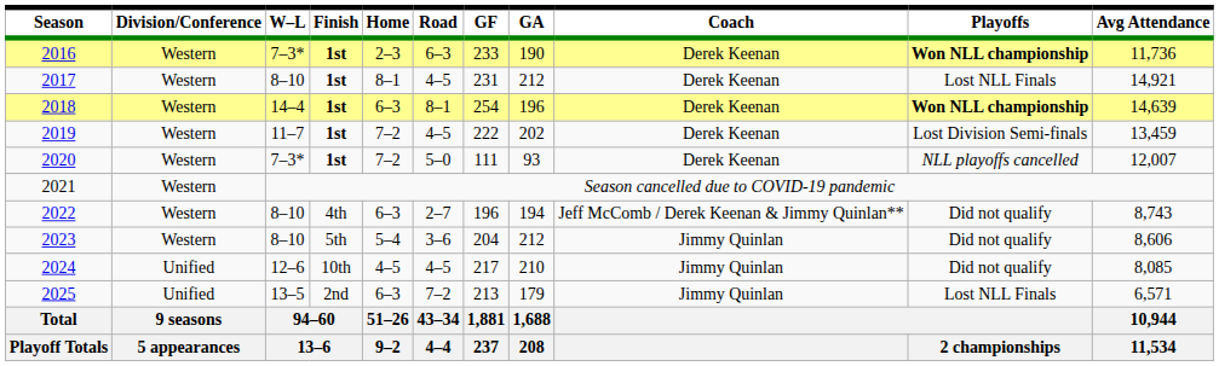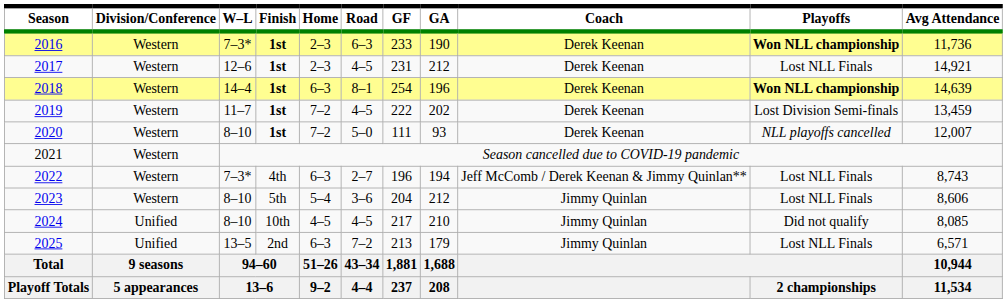 <table class="wikitable" style="text-align:center">
 <tr>
 <th style="background:#FFFFFF;border-top:black 5px solid;border-bottom:green 5px solid;">Season</th>
 <th style="background:#FFFFFF;border-top:black 5px solid;border-bottom:green 5px solid;">Division/Conference</th>
 <th style="background:#FFFFFF;border-top:black 5px solid;border-bottom:green 5px solid;">W–L</th>
 <th style="background:#FFFFFF;border-top:black 5px solid;border-bottom:green 5px solid;">Finish</th>
 <th style="background:#FFFFFF;border-top:black 5px solid;border-bottom:green 5px solid;">Home</th>
 <th style="background:#FFFFFF;border-top:black 5px solid;border-bottom:green 5px solid;">Road</th>
 <th style="background:#FFFFFF;border-top:black 5px solid;border-bottom:green 5px solid;">GF</th>
 <th style="background:#FFFFFF;border-top:black 5px solid;border-bottom:green 5px solid;">GA</th>
 <th style="background:#FFFFFF;border-top:black 5px solid;border-bottom:green 5px solid;">Coach</th>
 <th style="background:#FFFFFF;border-top:black 5px solid;border-bottom:green 5px solid;">Playoffs</th>
 <th style="background:#FFFFFF;border-top:black 5px solid;border-bottom:green 5px solid;">Avg Attendance</th>
 </tr>
 <tr style="background:#FFFE91">
 <td><a href='#'>2016</a></td>
 <td>Western</td>
 <td>7–3*</td>
 <td><strong>1st</strong></td>
 <td>2–3</td>
 <td>6–3</td>
 <td>233</td>
 <td>190</td>
 <td>Derek Keenan</td>
 <td><strong>Won NLL championship</strong></td>
 <td>11,736</td>
 </tr>
 <tr>
 <td><a href='#'>2017</a></td>
 <td>Western</td>
-<td>8–10</td>
+<td>12–6</td>
 <td><strong>1st</strong></td>
-<td>8–1</td>
+<td>2–3</td>
 <td>4–5</td>
 <td>231</td>
 <td>212</td>
 <td>Derek Keenan</td>
 <td>Lost NLL Finals</td>
 <td>14,921</td>
 </tr>
 <tr style="background:#FFFE91">
 <td><a href='#'>2018</a></td>
 <td>Western</td>
 <td>14–4</td>
 <td><strong>1st</strong></td>
 <td>6–3</td>
 <td>8–1</td>
 <td>254</td>
 <td>196</td>
 <td>Derek Keenan</td>
 <td><strong>Won NLL championship</strong></td>
 <td>14,639</td>
 </tr>
 <tr>
 <td><a href='#'>2019</a></td>
 <td>Western</td>
 <td>11–7</td>
 <td><strong>1st</strong></td>
 <td>7–2</td>
 <td>4–5</td>
 <td>222</td>
 <td>202</td>
 <td>Derek Keenan</td>
 <td>Lost Division Semi-finals</td>
 <td>13,459</td>
 </tr>
 <tr>
 <td><a href='#'>2020</a></td>
 <td>Western</td>
-<td>7–3*</td>
+<td>8–10</td>
 <td><strong>1st</strong></td>
 <td>7–2</td>
 <td>5–0</td>
 <td>111</td>
 <td>93</td>
 <td>Derek Keenan</td>
 <td><em>NLL playoffs cancelled</em></td>
 <td>12,007</td>
 </tr>
 <tr>
 <td>2021</td>
 <td>Western</td>
 <td colspan="9"><em>Season cancelled due to COVID-19 pandemic</em></td>
 </tr>
 <tr>
 <td><a href='#'>2022</a></td>
 <td>Western</td>
-<td>8–10</td>
+<td>7–3*</td>
 <td>4th</td>
 <td>6–3</td>
 <td>2–7</td>
 <td>196</td>
 <td>194</td>
 <td>Jeff McComb / Derek Keenan & Jimmy Quinlan**</td>
-<td>Did not qualify</td>
+<td>Lost NLL Finals</td>
 <td>8,743</td>
 </tr>
 <tr>
 <td><a href='#'>2023</a></td>
 <td>Western</td>
 <td>8–10</td>
 <td>5th</td>
 <td>5–4</td>
 <td>3–6</td>
 <td>204</td>
 <td>212</td>
 <td>Jimmy Quinlan</td>
-<td>Did not qualify</td>
+<td>Lost NLL Finals</td>
 <td>8,606</td>
 </tr>
 <tr>
 <td><a href='#'>2024</a></td>
 <td>Unified</td>
-<td>12–6</td>
+<td>8–10</td>
 <td>10th</td>
 <td>4–5</td>
 <td>4–5</td>
 <td>217</td>
 <td>210</td>
 <td>Jimmy Quinlan</td>
 <td>Did not qualify</td>
 <td>8,085</td>
 </tr>
 <tr>
 <td><a href='#'>2025</a></td>
 <td>Unified</td>
 <td>13–5</td>
 <td>2nd</td>
 <td>6–3</td>
 <td>7–2</td>
 <td>213</td>
 <td>179</td>
 <td>Jimmy Quinlan</td>
 <td>Lost NLL Finals</td>
 <td>6,571</td>
 </tr>
 <tr>
 <th>Total</th>
 <th>9 seasons</th>
 <th colspan="2">94–60</th>
 <th>51–26</th>
 <th>43–34</th>
 <th>1,881</th>
 <th>1,688</th>
 <th colspan="2"></th>
 <th>10,944</th>
 </tr>
 <tr>
 <th>Playoff Totals</th>
 <th>5 appearances</th>
 <th colspan="2">13–6</th>
 <th>9–2</th>
 <th>4–4</th>
 <th>237</th>
 <th>208</th>
 <th></th>
 <th>2 championships</th>
 <th>11,534</th>
 </tr>
 </table>
